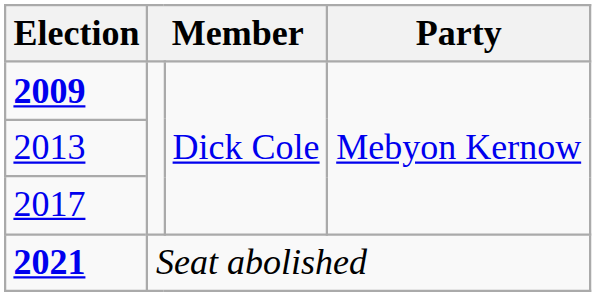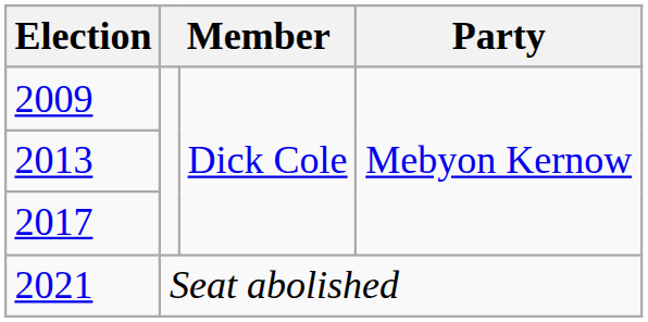 <table class="wikitable">
 <tr>
 <th>Election</th>
 <th colspan="2">Member</th>
 <th>Party</th>
 </tr>
 <tr>
-<td><strong><a href='#'>2009</a></strong></td>
+<td><a href='#'>2009</a></td>
 <td rowspan="3" style="background-color: "></td>
 <td rowspan="3"><a href='#'>Dick Cole</a></td>
 <td rowspan="3"><a href='#'>Mebyon Kernow</a></td>
 </tr>
 <tr>
 <td><a href='#'>2013</a></td>
 </tr>
 <tr>
 <td><a href='#'>2017</a></td>
 </tr>
 <tr>
-<td><strong><a href='#'>2021</a></strong></td>
+<td><a href='#'>2021</a></td>
 <td colspan="3"><em>Seat abolished</em></td>
 </tr>
 </table>
